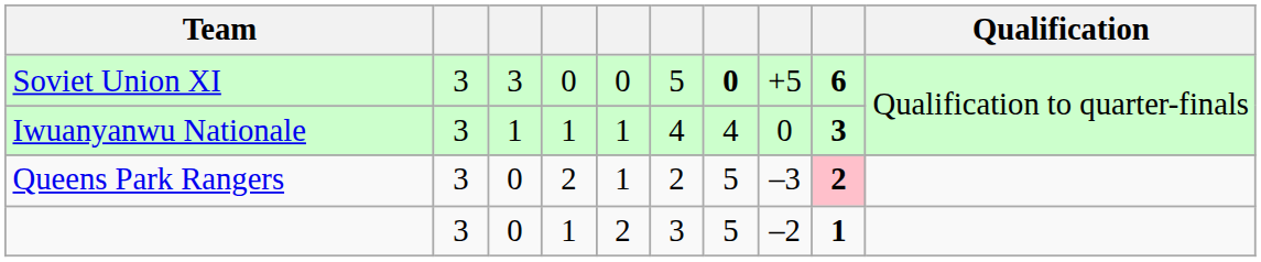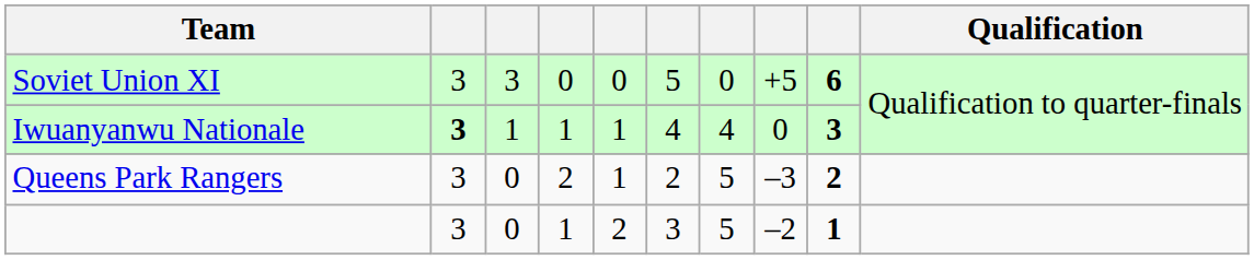 <table class="wikitable" style="text-align:center;">
 <tr>
 <th width=210>Team</th>
 <th width=20></th>
 <th width=20></th>
 <th width=20></th>
 <th width=20></th>
 <th width=20></th>
 <th width=20></th>
 <th width=20></th>
 <th width=20></th>
 <th>Qualification</th>
 </tr>
 <tr bgcolor="#ccffcc">
 <td align="left"> <a href='#'>Soviet Union XI</a></td>
 <td>3</td>
 <td>3</td>
 <td>0</td>
 <td>0</td>
 <td>5</td>
-<td><strong>0</strong></td>
+<td>0</td>
 <td>+5</td>
 <td><strong>6</strong></td>
 <td rowspan="2">Qualification to quarter-finals</td>
 </tr>
 <tr bgcolor="#ccffcc">
 <td align="left"> <a href='#'>Iwuanyanwu Nationale</a></td>
-<td>3</td>
+<td><strong>3</strong></td>
 <td>1</td>
 <td>1</td>
 <td>1</td>
 <td>4</td>
 <td>4</td>
 <td>0</td>
 <td><strong>3</strong></td>
 </tr>
 <tr>
 <td align="left"> <a href='#'>Queens Park Rangers</a></td>
 <td>3</td>
 <td>0</td>
 <td>2</td>
 <td>1</td>
 <td>2</td>
 <td>5</td>
 <td>–3</td>
-<td style="background: pink;"><strong>2</strong></td>
+<td><strong>2</strong></td>
 <td></td>
 </tr>
 <tr>
 <td align="left"></td>
 <td>3</td>
 <td>0</td>
 <td>1</td>
 <td>2</td>
 <td>3</td>
 <td>5</td>
 <td>–2</td>
 <td><strong>1</strong></td>
 <td></td>
 </tr>
 </table>
